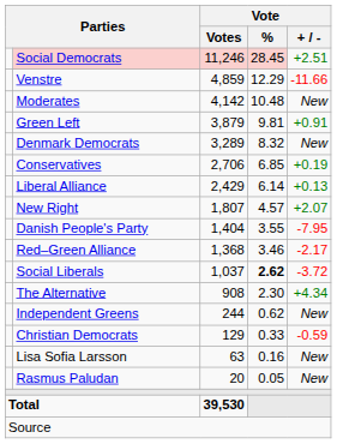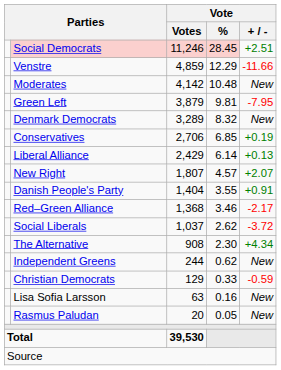 <table class="wikitable" style="text-align:right;">
 <tr>
 <th style="text-align:centre;" rowspan="2" colspan="2" width="225">Parties</th>
 <th colspan="3">Vote</th>
 </tr>
 <tr>
 <th width="15">Votes</th>
 <th width="15">%</th>
 <th width="15">+ / -</th>
 </tr>
 <tr>
 <td width="2" style="color:inherit;background:"></td>
 <td bgcolor=#fbd0ce  align="left"><a href='#'>Social Democrats</a></td>
 <td bgcolor=#fbd0ce>11,246</td>
 <td bgcolor=#fbd0ce>28.45</td>
 <td style=color:green;>+2.51</td>
 </tr>
 <tr>
 <td width="2" style="color:inherit;background:"></td>
 <td align="left"><a href='#'>Venstre</a></td>
 <td>4,859</td>
 <td>12.29</td>
 <td style=color:red;>-11.66</td>
 </tr>
 <tr>
 <td width="2" style="color:inherit;background:"></td>
 <td align="left"><a href='#'>Moderates</a></td>
 <td>4,142</td>
 <td>10.48</td>
 <td><em>New</em></td>
 </tr>
 <tr>
 <td width="2" style="color:inherit;background:"></td>
 <td align="left"><a href='#'>Green Left</a></td>
 <td>3,879</td>
 <td>9.81</td>
-<td style=color:green;>+0.91</td>
+<td style=color:red;>-7.95</td>
 </tr>
 <tr>
 <td width="2" style="color:inherit;background:"></td>
 <td align="left"><a href='#'>Denmark Democrats</a></td>
 <td>3,289</td>
 <td>8.32</td>
 <td><em>New</em></td>
 </tr>
 <tr>
 <td width="2" style="color:inherit;background:"></td>
 <td align="left"><a href='#'>Conservatives</a></td>
 <td>2,706</td>
 <td>6.85</td>
 <td style=color:green;>+0.19</td>
 </tr>
 <tr>
 <td width="2" style="color:inherit;background:"></td>
 <td align="left"><a href='#'>Liberal Alliance</a></td>
 <td>2,429</td>
 <td>6.14</td>
 <td style=color:green;>+0.13</td>
 </tr>
 <tr>
 <td width="2" style="color:inherit;background:"></td>
 <td align="left"><a href='#'>New Right</a></td>
 <td>1,807</td>
 <td>4.57</td>
 <td style=color:green;>+2.07</td>
 </tr>
 <tr>
 <td width="2" style="color:inherit;background:"></td>
 <td align="left"><a href='#'>Danish People's Party</a></td>
 <td>1,404</td>
 <td>3.55</td>
-<td style=color:red;>-7.95</td>
+<td style=color:green;>+0.91</td>
 </tr>
 <tr>
 <td width="2" style="color:inherit;background:"></td>
 <td align="left"><a href='#'>Red–Green Alliance</a></td>
 <td>1,368</td>
 <td>3.46</td>
 <td style=color:red;>-2.17</td>
 </tr>
 <tr>
 <td width="2" style="color:inherit;background:"></td>
 <td align="left"><a href='#'>Social Liberals</a></td>
 <td>1,037</td>
-<td><strong>2.62</strong></td>
+<td>2.62</td>
 <td style=color:red;>-3.72</td>
 </tr>
 <tr>
 <td width="2" style="color:inherit;background:"></td>
 <td align="left"><a href='#'>The Alternative</a></td>
 <td>908</td>
 <td>2.30</td>
 <td style=color:green;>+4.34</td>
 </tr>
 <tr>
 <td width="2" style="color:inherit;background:"></td>
 <td align="left"><a href='#'>Independent Greens</a></td>
 <td>244</td>
 <td>0.62</td>
 <td><em>New</em></td>
 </tr>
 <tr>
 <td width="2" style="color:inherit;background:"></td>
 <td align="left"><a href='#'>Christian Democrats</a></td>
 <td>129</td>
 <td>0.33</td>
 <td style=color:red;>-0.59</td>
 </tr>
 <tr>
 <td width="2" style="color:inherit;background:"></td>
 <td align="left">Lisa Sofia Larsson</td>
 <td>63</td>
 <td>0.16</td>
 <td><em>New</em></td>
 </tr>
 <tr>
 <td width="2" style="color:inherit;background:"></td>
 <td align="left"><a href='#'>Rasmus Paludan</a></td>
 <td>20</td>
 <td>0.05</td>
 <td><em>New</em></td>
 </tr>
 <tr>
 <td colspan="7" bgcolor="#E9E9E9"></td>
 </tr>
 <tr>
 <td align="left" colspan="2"><strong>Total</strong></td>
 <td><strong>39,530</strong></td>
 <td bgcolor="#E9E9E9" colspan="2"></td>
 </tr>
 <tr>
 <td align="left" colspan="6">Source</td>
 </tr>
 </table>
